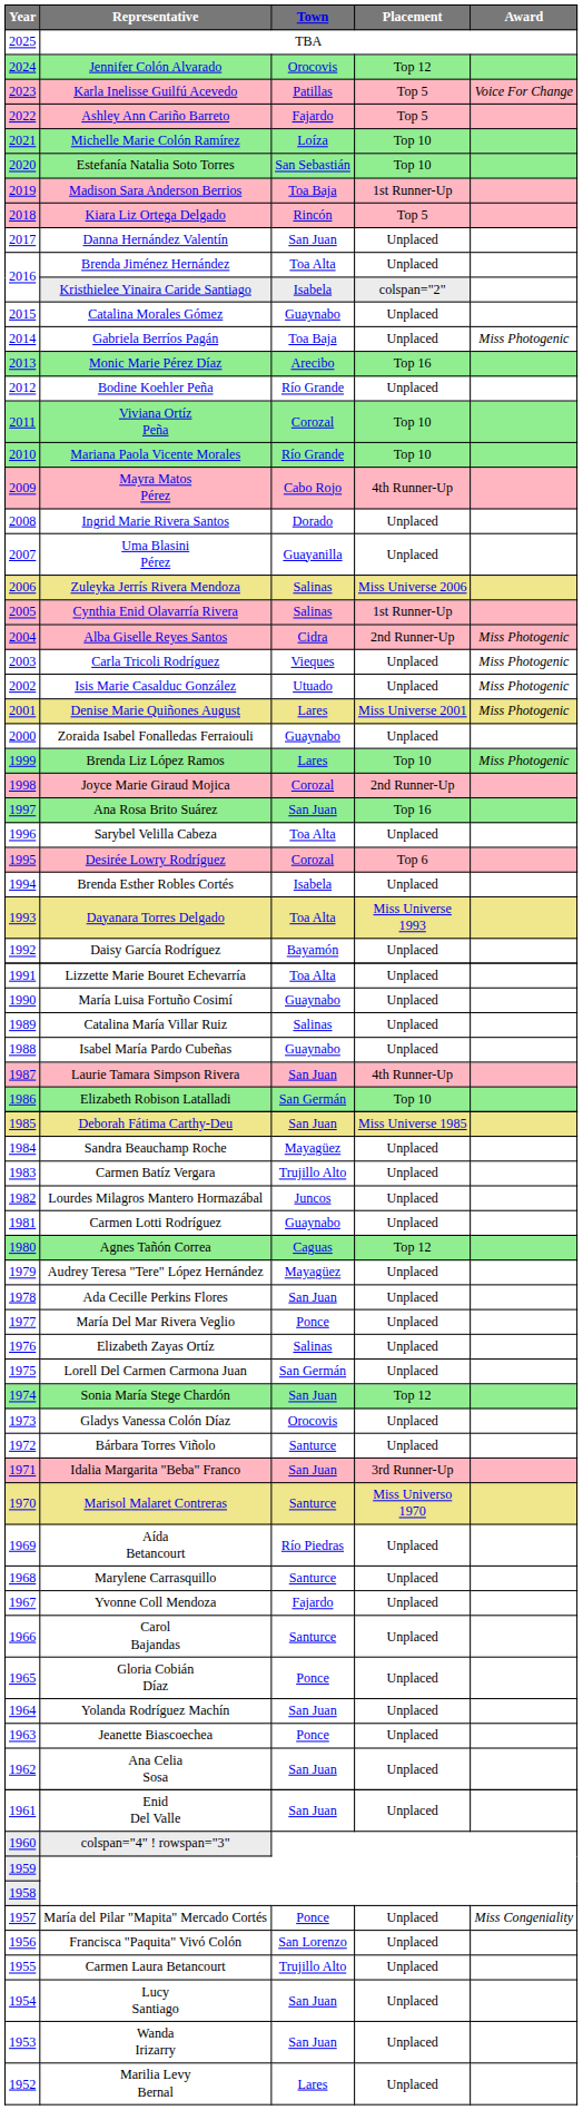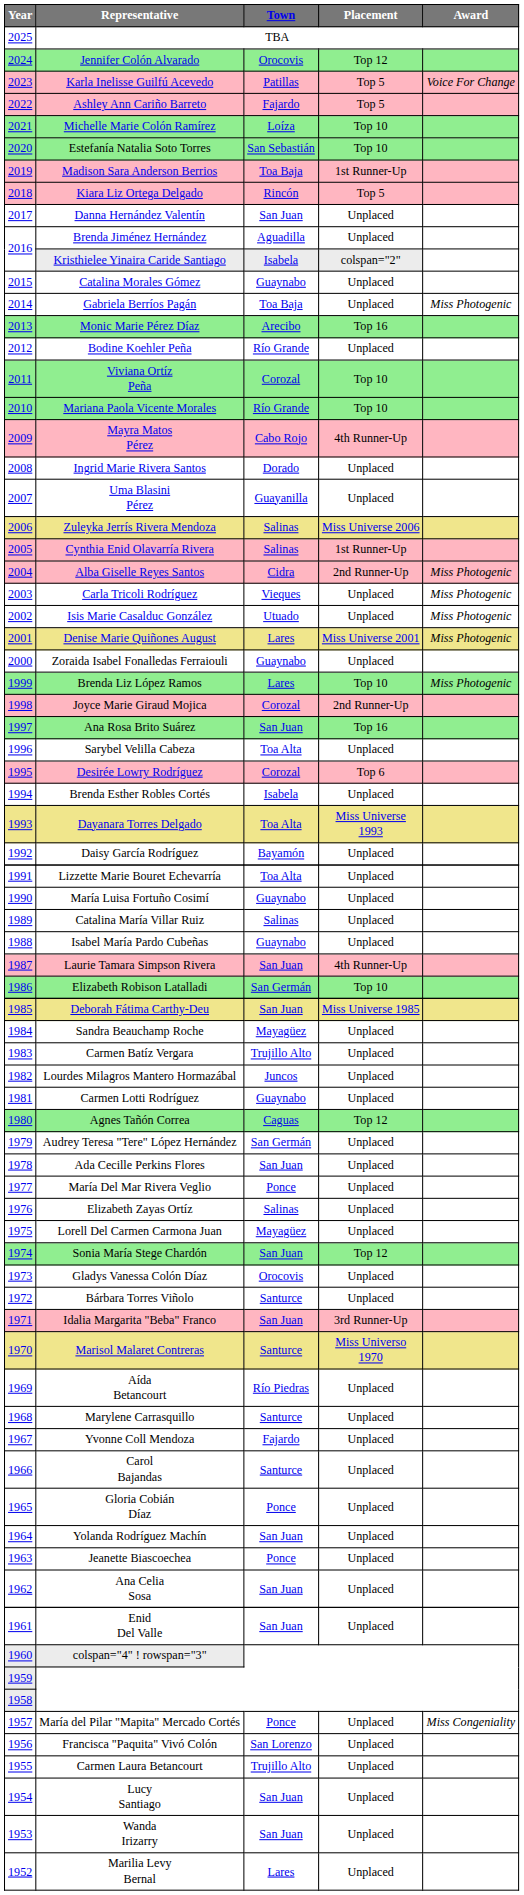 <table class="sortable wiki table" border="3" cellpadding="3" cellspacing="0" style="margin: 0 1em 0 0; background: white; border: 1px #000000 solid; border-collapse: collapse; font-size: 75%; text-align:center">
 <tr>
 <th style="background-color:#787878;color:#FFFFFF;">Year</th>
 <th style="background-color:#787878;color:#FFFFFF;">Representative</th>
 <th style="background-color:#787878;color:#FFFFFF;"><a href='#'>Town</a></th>
 <th style="background-color:#787878;color:#FFFFFF;">Placement</th>
 <th style="background-color:#787878;color:#FFFFFF;">Award</th>
 </tr>
 <tr>
 <td><a href='#'>2025</a></td>
 <td colspan=4>TBA</td>
 </tr>
 <tr>
 <td style="background-color:#90EE90;"><a href='#'>2024</a></td>
 <td style="background-color:#90EE90;"><a href='#'>Jennifer Colón Alvarado</a></td>
 <td style="background-color:#90EE90;"><a href='#'>Orocovis</a></td>
 <td style="background-color:#90EE90;">Top 12</td>
 <td style="background-color:#90EE90;"></td>
 </tr>
 <tr>
 <td style="background-color:#FFB6C1;"><a href='#'>2023</a></td>
 <td style="background-color:#FFB6C1;"><a href='#'>Karla Inelisse Guilfú Acevedo</a></td>
 <td style="background-color:#FFB6C1;"><a href='#'>Patillas</a></td>
 <td style="background-color:#FFB6C1;">Top 5</td>
 <td style="background-color:#FFB6C1;"><em>Voice For Change</em></td>
 </tr>
 <tr>
 <td style="background-color:#FFB6C1;"><a href='#'>2022</a></td>
 <td style="background-color:#FFB6C1;"><a href='#'>Ashley Ann Cariño Barreto</a></td>
 <td style="background-color:#FFB6C1;"><a href='#'>Fajardo</a></td>
 <td style="background-color:#FFB6C1;">Top 5</td>
 <td style="background-color:#FFB6C1;"></td>
 </tr>
 <tr>
 <td style="background-color:#90EE90;"><a href='#'>2021</a></td>
 <td style="background-color:#90EE90;"><a href='#'>Michelle Marie Colón Ramírez</a></td>
 <td style="background-color:#90EE90;"><a href='#'>Loíza</a></td>
 <td style="background-color:#90EE90;">Top 10</td>
 <td style="background-color:#90EE90;"></td>
 </tr>
 <tr>
 <td style="background-color:#90EE90;"><a href='#'>2020</a></td>
 <td style="background-color:#90EE90;">Estefanía Natalia Soto Torres</td>
 <td style="background-color:#90EE90;"><a href='#'>San Sebastián</a></td>
 <td style="background-color:#90EE90;">Top 10</td>
 <td style="background-color:#90EE90;"></td>
 </tr>
 <tr>
 <td style="background-color:#FFB6C1;"><a href='#'>2019</a></td>
 <td style="background-color:#FFB6C1;"><a href='#'>Madison Sara Anderson Berrios</a></td>
 <td style="background-color:#FFB6C1;"><a href='#'>Toa Baja</a></td>
 <td style="background-color:#FFB6C1;">1st Runner-Up</td>
 <td style="background-color:#FFB6C1;"></td>
 </tr>
 <tr>
 <td style="background-color:#FFB6C1;"><a href='#'>2018</a></td>
 <td style="background-color:#FFB6C1;"><a href='#'>Kiara Liz Ortega Delgado</a></td>
 <td style="background-color:#FFB6C1;"><a href='#'>Rincón</a></td>
 <td style="background-color:#FFB6C1;">Top 5</td>
 <td style="background-color:#FFB6C1;"></td>
 </tr>
 <tr>
 <td><a href='#'>2017</a></td>
 <td><a href='#'>Danna Hernández Valentín</a></td>
 <td><a href='#'>San Juan</a></td>
 <td>Unplaced</td>
 <td></td>
 </tr>
 <tr>
 <td rowspan="2"><a href='#'>2016</a></td>
 <td><a href='#'>Brenda Jiménez Hernández</a></td>
-<td><a href='#'>Toa Alta</a></td>
+<td><a href='#'>Aguadilla</a></td>
 <td>Unplaced</td>
 <td></td>
 </tr>
 <tr style="background-color:#ececec;">
 <td><a href='#'>Kristhielee Yinaira Caride Santiago</a></td>
 <td><a href='#'>Isabela</a></td>
 <td>colspan="2" </td>
 </tr>
 <tr>
 <td><a href='#'>2015</a></td>
 <td><a href='#'>Catalina Morales Gómez</a></td>
 <td><a href='#'>Guaynabo</a></td>
 <td>Unplaced</td>
 <td></td>
 </tr>
 <tr>
 <td><a href='#'>2014</a></td>
 <td><a href='#'>Gabriela Berríos Pagán</a></td>
 <td><a href='#'>Toa Baja</a></td>
 <td>Unplaced</td>
 <td><em>Miss Photogenic</em></td>
 </tr>
 <tr>
 <td style="background-color:#90EE90;"><a href='#'>2013</a></td>
 <td style="background-color:#90EE90;"><a href='#'>Monic Marie Pérez Díaz</a></td>
 <td style="background-color:#90EE90;"><a href='#'>Arecibo</a></td>
 <td style="background-color:#90EE90;">Top 16</td>
 <td style="background-color:#90EE90;"></td>
 </tr>
 <tr>
 <td><a href='#'>2012</a></td>
 <td><a href='#'>Bodine Koehler Peña</a></td>
 <td><a href='#'>Río Grande</a></td>
 <td>Unplaced</td>
 <td></td>
 </tr>
 <tr>
 <td style="background-color:#90EE90;"><a href='#'>2011</a></td>
 <td style="background-color:#90EE90;"><a href='#'>Viviana Ortíz <br>Peña</a></td>
 <td style="background-color:#90EE90;"><a href='#'>Corozal</a></td>
 <td style="background-color:#90EE90;">Top 10</td>
 <td style="background-color:#90EE90;"></td>
 </tr>
 <tr>
 <td style="background-color:#90EE90;"><a href='#'>2010</a></td>
 <td style="background-color:#90EE90;"><a href='#'>Mariana Paola Vicente Morales</a></td>
 <td style="background-color:#90EE90;"><a href='#'>Río Grande</a></td>
 <td style="background-color:#90EE90;">Top 10</td>
 <td style="background-color:#90EE90;"></td>
 </tr>
 <tr>
 <td style="background-color:#FFB6C1;"><a href='#'>2009</a></td>
 <td style="background-color:#FFB6C1;"><a href='#'>Mayra Matos<br> Pérez</a></td>
 <td style="background-color:#FFB6C1;"><a href='#'>Cabo Rojo</a></td>
 <td style="background-color:#FFB6C1;">4th Runner-Up</td>
 <td style="background-color:#FFB6C1;"></td>
 </tr>
 <tr>
 <td><a href='#'>2008</a></td>
 <td><a href='#'>Ingrid Marie Rivera Santos</a></td>
 <td><a href='#'>Dorado</a></td>
 <td>Unplaced</td>
 <td></td>
 </tr>
 <tr>
 <td><a href='#'>2007</a></td>
 <td><a href='#'>Uma Blasini <br>Pérez</a></td>
 <td><a href='#'>Guayanilla</a></td>
 <td>Unplaced</td>
 <td></td>
 </tr>
 <tr>
 <td style="background-color:#F0E68C;"><a href='#'>2006</a></td>
 <td style="background-color:#F0E68C;"><a href='#'>Zuleyka Jerrís Rivera Mendoza</a></td>
 <td style="background-color:#F0E68C;"><a href='#'>Salinas</a></td>
 <td style="background-color:#F0E68C;"><a href='#'>Miss Universe 2006</a></td>
 <td style="background-color:#F0E68C;"></td>
 </tr>
 <tr>
 <td style="background-color:#FFB6C1;"><a href='#'>2005</a></td>
 <td style="background-color:#FFB6C1;"><a href='#'>Cynthia Enid Olavarría Rivera</a></td>
 <td style="background-color:#FFB6C1;"><a href='#'>Salinas</a></td>
 <td style="background-color:#FFB6C1;">1st Runner-Up</td>
 <td style="background-color:#FFB6C1;"></td>
 </tr>
 <tr>
 <td style="background-color:#FFB6C1;"><a href='#'>2004</a></td>
 <td style="background-color:#FFB6C1;"><a href='#'> Alba Giselle Reyes Santos</a></td>
 <td style="background-color:#FFB6C1;"><a href='#'>Cidra</a></td>
 <td style="background-color:#FFB6C1;">2nd Runner-Up</td>
 <td style="background-color:#FFB6C1;"><em>Miss Photogenic</em></td>
 </tr>
 <tr>
 <td><a href='#'>2003</a></td>
 <td><a href='#'>Carla Tricoli Rodríguez</a></td>
 <td><a href='#'>Vieques</a></td>
 <td>Unplaced</td>
 <td><em>Miss Photogenic</em></td>
 </tr>
 <tr>
 <td><a href='#'>2002</a></td>
 <td><a href='#'>Isis Marie Casalduc González</a></td>
 <td><a href='#'>Utuado</a></td>
 <td>Unplaced</td>
 <td><em>Miss Photogenic</em></td>
 </tr>
 <tr>
 <td style="background-color:#F0E68C;"><a href='#'>2001</a></td>
 <td style="background-color:#F0E68C;"><a href='#'>Denise Marie Quiñones August</a></td>
 <td style="background-color:#F0E68C;"><a href='#'>Lares</a></td>
 <td style="background-color:#F0E68C;"><a href='#'>Miss Universe 2001</a></td>
 <td style="background-color:#F0E68C;"><em>Miss Photogenic</em></td>
 </tr>
 <tr>
 <td><a href='#'>2000</a></td>
 <td>Zoraida Isabel Fonalledas Ferraiouli</td>
 <td><a href='#'>Guaynabo</a></td>
 <td>Unplaced</td>
 <td></td>
 </tr>
 <tr>
 <td style="background-color:#90EE90;"><a href='#'>1999</a></td>
 <td style="background-color:#90EE90;">Brenda Liz López Ramos</td>
 <td style="background-color:#90EE90;"><a href='#'>Lares</a></td>
 <td style="background-color:#90EE90;">Top 10</td>
 <td style="background-color:#90EE90;"><em>Miss Photogenic</em></td>
 </tr>
 <tr>
 <td style="background-color:#FFB6C1;"><a href='#'>1998</a></td>
 <td style="background-color:#FFB6C1;">Joyce Marie Giraud Mojica</td>
 <td style="background-color:#FFB6C1;"><a href='#'>Corozal</a></td>
 <td style="background-color:#FFB6C1;">2nd Runner-Up</td>
 <td style="background-color:#FFB6C1;"></td>
 </tr>
 <tr>
 <td style="background-color:#90EE90;"><a href='#'>1997</a></td>
 <td style="background-color:#90EE90;">Ana Rosa Brito Suárez</td>
 <td style="background-color:#90EE90;"><a href='#'>San Juan</a></td>
 <td style="background-color:#90EE90;">Top 16</td>
 <td style="background-color:#90EE90;"></td>
 </tr>
 <tr>
 <td><a href='#'>1996</a></td>
 <td>Sarybel Velilla Cabeza</td>
 <td><a href='#'>Toa Alta</a></td>
 <td>Unplaced</td>
 <td></td>
 </tr>
 <tr>
 <td style="background-color:#FFB6C1;"><a href='#'>1995</a></td>
 <td style="background-color:#FFB6C1;"><a href='#'>Desirée Lowry Rodríguez</a></td>
 <td style="background-color:#FFB6C1;"><a href='#'>Corozal</a></td>
 <td style="background-color:#FFB6C1;">Top 6</td>
 <td style="background-color:#FFB6C1;"></td>
 </tr>
 <tr>
 <td><a href='#'>1994</a></td>
 <td>Brenda Esther Robles Cortés</td>
 <td><a href='#'>Isabela</a></td>
 <td>Unplaced</td>
 <td></td>
 </tr>
 <tr>
 <td style="background-color:#F0E68C;"><a href='#'>1993</a></td>
 <td style="background-color:#F0E68C;"><a href='#'>Dayanara Torres Delgado</a></td>
 <td style="background-color:#F0E68C;"><a href='#'>Toa Alta</a></td>
 <td style="background-color:#F0E68C;"><a href='#'>Miss Universe<br>1993</a></td>
 <td style="background-color:#F0E68C;"></td>
 </tr>
 <tr>
 <td><a href='#'>1992</a></td>
 <td>Daisy García Rodríguez</td>
 <td><a href='#'>Bayamón</a></td>
 <td>Unplaced</td>
 <td></td>
 </tr>
 <tr>
 </tr>
 <tr>
 <td><a href='#'>1991</a></td>
 <td>Lizzette Marie Bouret Echevarría</td>
 <td><a href='#'>Toa Alta</a></td>
 <td>Unplaced</td>
 <td></td>
 </tr>
 <tr>
 <td><a href='#'>1990</a></td>
 <td>María Luisa Fortuño Cosimí</td>
 <td><a href='#'>Guaynabo</a></td>
 <td>Unplaced</td>
 <td></td>
 </tr>
 <tr>
 <td><a href='#'>1989</a></td>
 <td>Catalina María Villar Ruiz</td>
 <td><a href='#'>Salinas</a></td>
 <td>Unplaced</td>
 <td></td>
 </tr>
 <tr>
 <td><a href='#'>1988</a></td>
 <td>Isabel María Pardo Cubeñas</td>
 <td><a href='#'>Guaynabo</a></td>
 <td>Unplaced</td>
 <td></td>
 </tr>
 <tr>
 <td style="background-color:#FFB6C1;"><a href='#'>1987</a></td>
 <td style="background-color:#FFB6C1;">Laurie Tamara Simpson Rivera</td>
 <td style="background-color:#FFB6C1;"><a href='#'>San Juan</a></td>
 <td style="background-color:#FFB6C1;">4th Runner-Up</td>
 <td style="background-color:#FFB6C1;"></td>
 </tr>
 <tr>
 <td style="background-color:#90EE90;"><a href='#'>1986</a></td>
 <td style="background-color:#90EE90;">Elizabeth Robison Latalladi</td>
 <td style="background-color:#90EE90;"><a href='#'>San Germán</a></td>
 <td style="background-color:#90EE90;">Top 10</td>
 <td style="background-color:#90EE90;"></td>
 </tr>
 <tr>
 </tr>
 <tr>
 <td style="background-color:#F0E68C;"><a href='#'>1985</a></td>
 <td style="background-color:#F0E68C;"><a href='#'>Deborah Fátima Carthy-Deu</a></td>
 <td style="background-color:#F0E68C;"><a href='#'>San Juan</a></td>
 <td style="background-color:#F0E68C;"><a href='#'>Miss Universe 1985</a></td>
 <td style="background-color:#F0E68C;"></td>
 </tr>
 <tr>
 <td><a href='#'>1984</a></td>
 <td>Sandra Beauchamp Roche</td>
 <td><a href='#'>Mayagüez</a></td>
 <td>Unplaced</td>
 <td></td>
 </tr>
 <tr>
 <td><a href='#'>1983</a></td>
 <td>Carmen Batíz Vergara</td>
 <td><a href='#'>Trujillo Alto</a></td>
 <td>Unplaced</td>
 <td></td>
 </tr>
 <tr>
 <td><a href='#'>1982</a></td>
 <td>Lourdes Milagros Mantero Hormazábal</td>
 <td><a href='#'>Juncos</a></td>
 <td>Unplaced</td>
 <td></td>
 </tr>
 <tr>
 <td><a href='#'>1981</a></td>
 <td>Carmen Lotti Rodríguez</td>
 <td><a href='#'>Guaynabo</a></td>
 <td>Unplaced</td>
 <td></td>
 </tr>
 <tr>
 <td style="background-color:#90EE90;"><a href='#'>1980</a></td>
 <td style="background-color:#90EE90;">Agnes Tañón Correa</td>
 <td style="background-color:#90EE90;"><a href='#'>Caguas</a></td>
 <td style="background-color:#90EE90;">Top 12</td>
 <td style="background-color:#90EE90;"></td>
 </tr>
 <tr>
 <td><a href='#'>1979</a></td>
 <td>Audrey Teresa "Tere" López Hernández</td>
-<td><a href='#'>Mayagüez</a></td>
+<td><a href='#'>San Germán</a></td>
 <td>Unplaced</td>
 <td></td>
 </tr>
 <tr>
 <td><a href='#'>1978</a></td>
 <td>Ada Cecille Perkins Flores</td>
 <td><a href='#'>San Juan</a></td>
 <td>Unplaced</td>
 <td></td>
 </tr>
 <tr>
 <td><a href='#'>1977</a></td>
 <td>María Del Mar Rivera Veglio</td>
 <td><a href='#'>Ponce</a></td>
 <td>Unplaced</td>
 <td></td>
 </tr>
 <tr>
 <td><a href='#'>1976</a></td>
 <td>Elizabeth Zayas Ortíz</td>
 <td><a href='#'>Salinas</a></td>
 <td>Unplaced</td>
 <td></td>
 </tr>
 <tr>
 <td><a href='#'>1975</a></td>
 <td>Lorell Del Carmen Carmona Juan</td>
-<td><a href='#'>San Germán</a></td>
+<td><a href='#'>Mayagüez</a></td>
 <td>Unplaced</td>
 <td></td>
 </tr>
 <tr>
 <td style="background-color:#90EE90;"><a href='#'>1974</a></td>
 <td style="background-color:#90EE90;">Sonia María Stege Chardón</td>
 <td style="background-color:#90EE90;"><a href='#'>San Juan</a></td>
 <td style="background-color:#90EE90;">Top 12</td>
 <td style="background-color:#90EE90;"></td>
 </tr>
 <tr>
 <td><a href='#'>1973</a></td>
 <td>Gladys Vanessa Colón Díaz</td>
 <td><a href='#'>Orocovis</a></td>
 <td>Unplaced</td>
 <td></td>
 </tr>
 <tr>
 <td><a href='#'>1972</a></td>
 <td>Bárbara Torres Viñolo</td>
 <td><a href='#'>Santurce</a></td>
 <td>Unplaced</td>
 <td></td>
 </tr>
 <tr>
 <td style="background-color:#FFB6C1;"><a href='#'>1971</a></td>
 <td style="background-color:#FFB6C1;">Idalia Margarita "Beba" Franco</td>
 <td style="background-color:#FFB6C1;"><a href='#'>San Juan</a></td>
 <td style="background-color:#FFB6C1;">3rd Runner-Up</td>
 <td style="background-color:#FFB6C1;"></td>
 </tr>
 <tr>
 <td style="background-color:#F0E68C;"><a href='#'>1970</a></td>
 <td style="background-color:#F0E68C;"><a href='#'>Marisol Malaret Contreras</a></td>
 <td style="background-color:#F0E68C;"><a href='#'>Santurce</a></td>
 <td style="background-color:#F0E68C;"><a href='#'>Miss Universo<br>1970</a></td>
 <td style="background-color:#F0E68C;"></td>
 </tr>
 <tr>
 <td><a href='#'>1969</a></td>
 <td>Aída <br>Betancourt</td>
 <td><a href='#'>Río Piedras</a></td>
 <td>Unplaced</td>
 <td></td>
 </tr>
 <tr>
 <td><a href='#'>1968</a></td>
 <td>Marylene Carrasquillo</td>
 <td><a href='#'>Santurce</a></td>
 <td>Unplaced</td>
 <td></td>
 </tr>
 <tr>
 <td><a href='#'>1967</a></td>
 <td>Yvonne Coll Mendoza</td>
 <td><a href='#'>Fajardo</a></td>
 <td>Unplaced</td>
 <td></td>
 </tr>
 <tr>
 <td><a href='#'>1966</a></td>
 <td>Carol <br>Bajandas</td>
 <td><a href='#'>Santurce</a></td>
 <td>Unplaced</td>
 <td></td>
 </tr>
 <tr>
 <td><a href='#'>1965</a></td>
 <td>Gloria Cobián <br>Díaz</td>
 <td><a href='#'>Ponce</a></td>
 <td>Unplaced</td>
 <td></td>
 </tr>
 <tr>
 <td><a href='#'>1964</a></td>
 <td>Yolanda Rodríguez Machín</td>
 <td><a href='#'>San Juan</a></td>
 <td>Unplaced</td>
 <td></td>
 </tr>
 <tr>
 <td><a href='#'>1963</a></td>
 <td>Jeanette Biascoechea</td>
 <td><a href='#'>Ponce</a></td>
 <td>Unplaced</td>
 <td></td>
 </tr>
 <tr>
 <td><a href='#'>1962</a></td>
 <td>Ana Celia <br>Sosa</td>
 <td><a href='#'>San Juan</a></td>
 <td>Unplaced</td>
 <td></td>
 </tr>
 <tr>
 </tr>
 <tr>
 <td><a href='#'>1961</a></td>
 <td>Enid <br>Del Valle</td>
 <td><a href='#'>San Juan</a></td>
 <td>Unplaced</td>
 <td></td>
 </tr>
 <tr style="background-color:#ececec;">
 <td><a href='#'>1960</a></td>
 <td>colspan="4" ! rowspan="3" </td>
 </tr>
 <tr style="background-color:#ececec;">
 <td><a href='#'>1959</a></td>
 </tr>
 <tr style="background-color:#ececec;">
 <td><a href='#'>1958</a></td>
 </tr>
 <tr>
 <td><a href='#'>1957</a></td>
 <td>María del Pilar "Mapita" Mercado Cortés</td>
 <td><a href='#'>Ponce</a></td>
 <td>Unplaced</td>
 <td><em>Miss Congeniality</em></td>
 </tr>
 <tr>
 <td><a href='#'>1956</a></td>
 <td>Francisca "Paquita" Vivó Colón</td>
 <td><a href='#'>San Lorenzo</a></td>
 <td>Unplaced</td>
 <td></td>
 </tr>
 <tr>
 <td><a href='#'>1955</a></td>
 <td>Carmen Laura Betancourt</td>
 <td><a href='#'>Trujillo Alto</a></td>
 <td>Unplaced</td>
 <td></td>
 </tr>
 <tr>
 <td><a href='#'>1954</a></td>
 <td>Lucy <br>Santiago</td>
 <td><a href='#'>San Juan</a></td>
 <td>Unplaced</td>
 <td></td>
 </tr>
 <tr>
 <td><a href='#'>1953</a></td>
 <td>Wanda <br>Irizarry</td>
 <td><a href='#'>San Juan</a></td>
 <td>Unplaced</td>
 <td></td>
 </tr>
 <tr>
 <td><a href='#'>1952</a></td>
 <td>Marilia Levy <br>Bernal</td>
 <td><a href='#'>Lares</a></td>
 <td>Unplaced</td>
 <td></td>
 </tr>
 </table>
